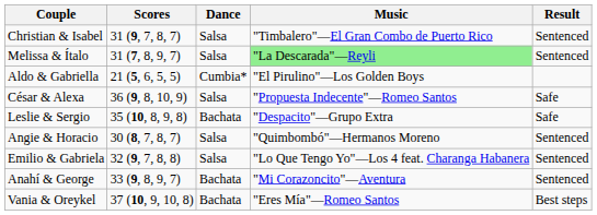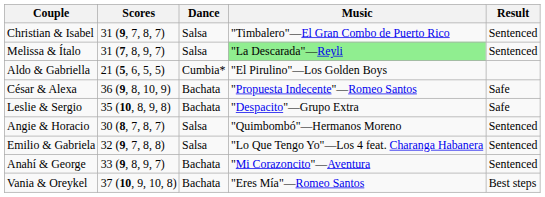 <table class="wikitable sortable" style="width:95%; white-space:nowrap;">
 <tr>
 <th style="width:15%;">Couple</th>
 <th style="width:14%;">Scores</th>
 <th style="width:14%;">Dance</th>
 <th style="width:40%;">Music</th>
 <th style="width:12%;">Result</th>
 </tr>
 <tr>
 <td>Christian & Isabel</td>
 <td>31 (<strong>9</strong>, 7, 8, 7)</td>
 <td>Salsa</td>
 <td>"Timbalero"—<a href='#'>El Gran Combo de Puerto Rico</a></td>
 <td>Sentenced</td>
 </tr>
 <tr>
 <td>Melissa & Ítalo</td>
 <td>31 (<strong>7</strong>, 8, 9, 7)</td>
 <td>Salsa</td>
 <td style="background: lightgreen;">"La Descarada"—<a href='#'>Reyli</a></td>
 <td>Sentenced</td>
 </tr>
 <tr>
 <td>Aldo & Gabriella</td>
 <td>21 (<strong>5</strong>, 6, 5, 5)</td>
 <td>Cumbia*</td>
 <td>"El Pirulino"—Los Golden Boys</td>
 <td></td>
 </tr>
 <tr>
 <td>César & Alexa</td>
 <td>36 (<strong>9</strong>, 8, 10, 9)</td>
-<td>Salsa</td>
+<td>Bachata</td>
 <td>"<a href='#'>Propuesta Indecente</a>"—<a href='#'>Romeo Santos</a></td>
 <td>Safe</td>
 </tr>
 <tr>
 <td>Leslie & Sergio</td>
 <td>35 (<strong>10</strong>, 8, 9, 8)</td>
 <td>Bachata</td>
 <td>"<a href='#'>Despacito</a>"—Grupo Extra</td>
 <td>Safe</td>
 </tr>
 <tr>
 <td>Angie & Horacio</td>
 <td>30 (<strong>8</strong>, 7, 8, 7)</td>
 <td>Salsa</td>
 <td>"Quimbombó"—Hermanos Moreno</td>
 <td>Sentenced</td>
 </tr>
 <tr>
 <td>Emilio & Gabriela</td>
 <td>32 (<strong>9</strong>, 7, 8, 8)</td>
 <td>Salsa</td>
 <td>"Lo Que Tengo Yo"—Los 4 feat. <a href='#'>Charanga Habanera</a></td>
 <td>Sentenced</td>
 </tr>
 <tr>
 <td>Anahí & George</td>
 <td>33 (<strong>9</strong>, 8, 9, 7)</td>
 <td>Bachata</td>
 <td>"<a href='#'>Mi Corazoncito</a>"—<a href='#'>Aventura</a></td>
 <td>Sentenced</td>
 </tr>
 <tr>
 <td>Vania & Oreykel</td>
 <td>37 (<strong>10</strong>, 9, 10, 8)</td>
 <td>Bachata</td>
 <td>"Eres Mía"—<a href='#'>Romeo Santos</a></td>
 <td>Best steps</td>
 </tr>
 </table>
